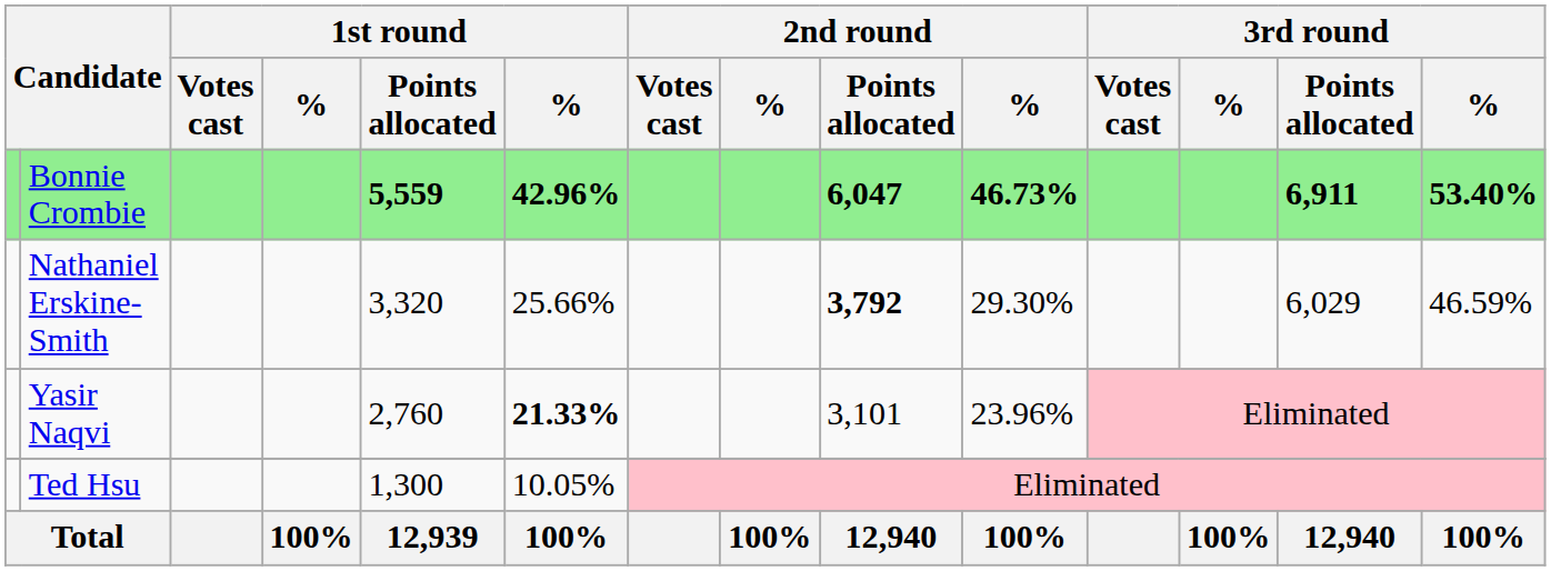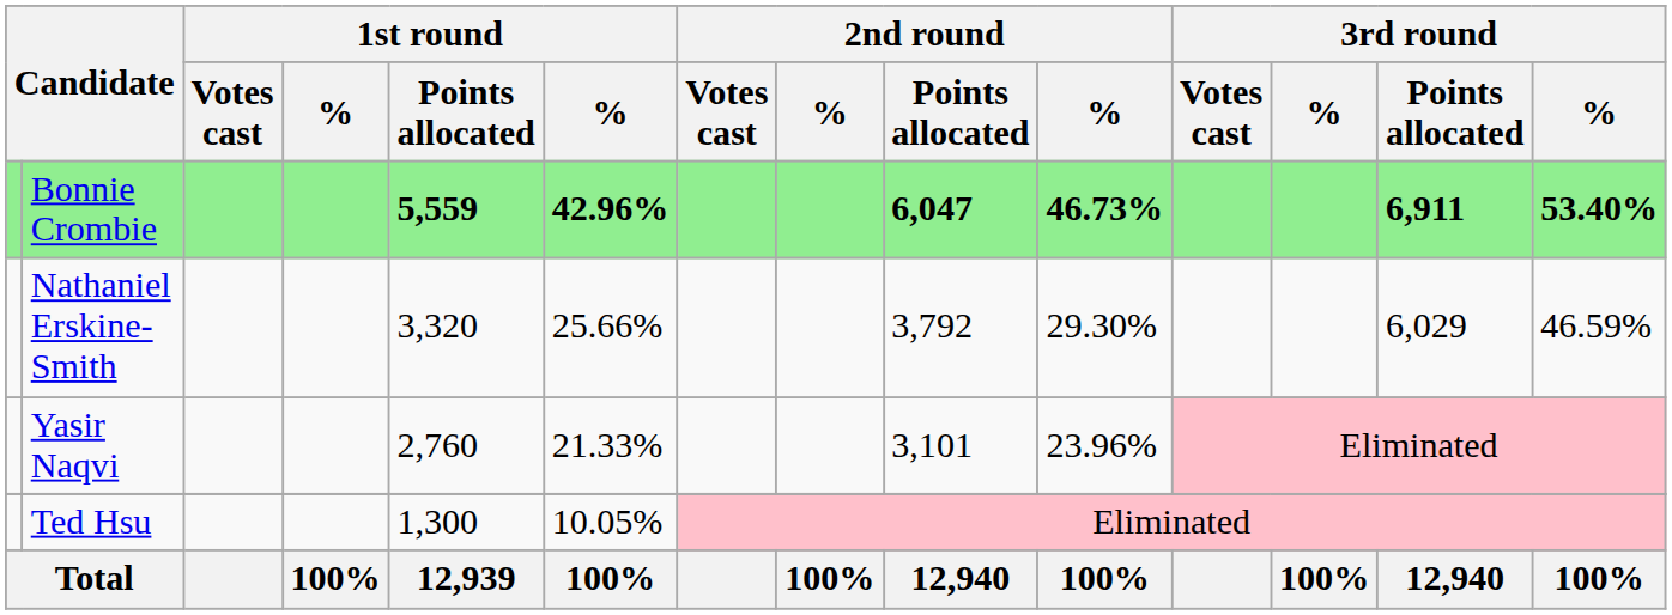 <table class="wikitable">
 <tr>
 <th rowspan="2" colspan="2">Candidate</th>
 <th colspan="4">1st round</th>
 <th colspan="4">2nd round</th>
 <th colspan="4">3rd round</th>
 </tr>
 <tr>
 <th>Votes cast</th>
 <th>%</th>
 <th>Points allocated</th>
 <th>%</th>
 <th>Votes cast</th>
 <th>%</th>
 <th>Points allocated</th>
 <th>%</th>
 <th>Votes cast</th>
 <th>%</th>
 <th>Points allocated</th>
 <th>%</th>
 </tr>
 <tr style="background:lightgreen;">
 <td></td>
 <td><a href='#'>Bonnie Crombie</a></td>
 <td></td>
 <td></td>
 <td><strong>5,559</strong></td>
 <td><strong>42.96%</strong></td>
 <td></td>
 <td></td>
 <td><strong>6,047</strong></td>
 <td><strong>46.73%</strong></td>
 <td></td>
 <td></td>
 <td><strong>6,911</strong></td>
 <td><strong>53.40%</strong></td>
 </tr>
 <tr>
 <td></td>
 <td><a href='#'>Nathaniel Erskine-Smith</a></td>
 <td></td>
 <td></td>
 <td>3,320</td>
 <td>25.66%</td>
 <td></td>
 <td></td>
-<td><strong>3,792</strong></td>
+<td>3,792</td>
 <td>29.30%</td>
 <td></td>
 <td></td>
 <td>6,029</td>
 <td>46.59%</td>
 </tr>
 <tr>
 <td></td>
 <td><a href='#'>Yasir Naqvi</a></td>
 <td></td>
 <td></td>
 <td>2,760</td>
-<td><strong>21.33%</strong></td>
+<td>21.33%</td>
 <td></td>
 <td></td>
 <td>3,101</td>
 <td>23.96%</td>
 <td colspan="7" style="background:pink; text-align:center">Eliminated</td>
 </tr>
 <tr>
 </tr>
 <tr>
 <td></td>
 <td><a href='#'>Ted Hsu</a></td>
 <td></td>
 <td></td>
 <td>1,300</td>
 <td>10.05%</td>
 <td colspan="8" style="background:pink; text-align:center">Eliminated</td>
 </tr>
 <tr>
 <th colspan="2">Total</th>
 <th align="right"></th>
 <th align="right">100%</th>
 <th align="right">12,939</th>
 <th align="right">100%</th>
 <th align="right"></th>
 <th align="right">100%</th>
 <th align="right">12,940</th>
 <th align="right">100%</th>
 <th align="right"></th>
 <th align="right">100%</th>
 <th align="right">12,940</th>
 <th align="right">100%</th>
 </tr>
 </table>
